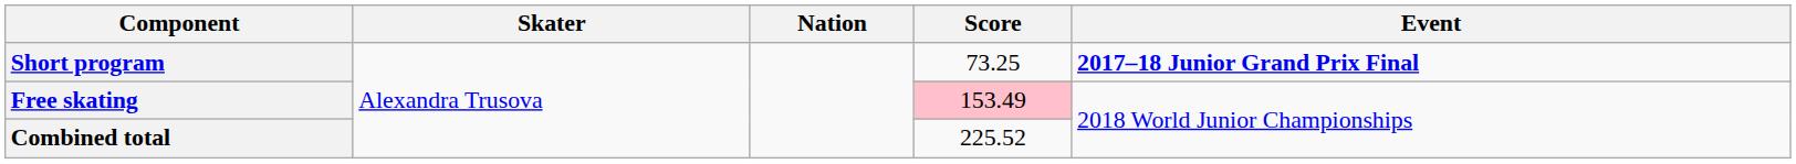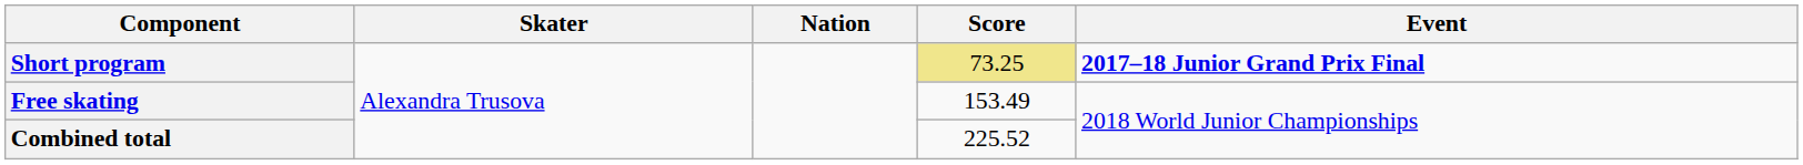 <table class="wikitable unsortable" style="text-align:left; width:75%">
 <tr>
 <th scope="col">Component</th>
 <th scope="col">Skater</th>
 <th scope="col">Nation</th>
 <th scope="col">Score</th>
 <th scope="col">Event</th>
 </tr>
 <tr>
 <th scope="row" style="text-align:left"><a href='#'>Short program</a></th>
 <td rowspan="3"><a href='#'>Alexandra Trusova</a></td>
 <td rowspan="3"></td>
-<td style="text-align:center">73.25</td>
+<td style="background: khaki; text-align:center">73.25</td>
 <td><strong><a href='#'>2017–18 Junior Grand Prix Final</a></strong></td>
 </tr>
 <tr>
 <th scope="row" style="text-align:left"><a href='#'>Free skating</a></th>
-<td style="background: pink; text-align:center">153.49</td>
+<td style="text-align:center">153.49</td>
 <td rowspan="2"><a href='#'>2018 World Junior Championships</a></td>
 </tr>
 <tr>
 <th scope="row" style="text-align:left">Combined total</th>
 <td style="text-align:center">225.52</td>
 </tr>
 </table>
